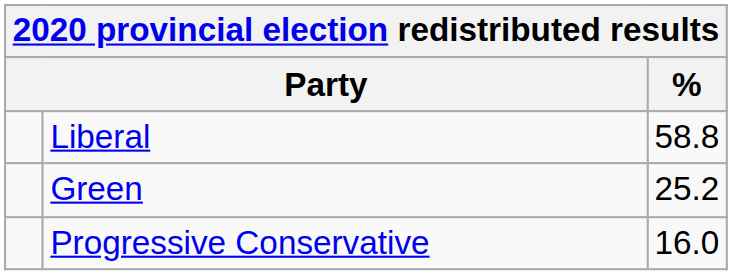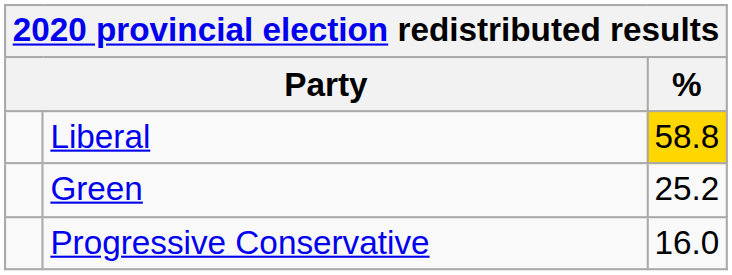 <table class="wikitable">
 <tr>
 <th colspan="4"><a href='#'>2020 provincial election</a> redistributed results</th>
 </tr>
 <tr>
 <th bgcolor="#DDDDFF" width="130px" colspan="2">Party</th>
 <th bgcolor="#DDDDFF" width="30px">%</th>
 </tr>
 <tr>
 <td> </td>
 <td><a href='#'>Liberal</a></td>
-<td align=right>58.8</td>
+<td align=right style="background: gold;">58.8</td>
 </tr>
 <tr>
 <td> </td>
 <td><a href='#'>Green</a></td>
 <td align=right>25.2</td>
 </tr>
 <tr>
 <td> </td>
 <td><a href='#'>Progressive Conservative</a></td>
 <td align=right>16.0</td>
 </tr>
 </table>
